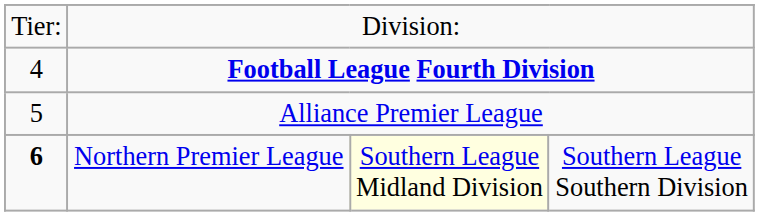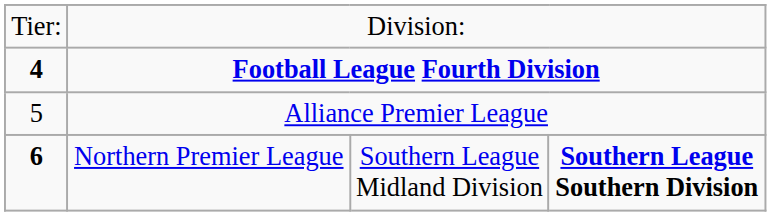 <table class="wikitable" style="text-align: center; font-size: 85%;">
 <tr>
 <td>Tier:</td>
 <td colspan="3">Division:</td>
 </tr>
 <tr>
-<td>4</td>
+<td><strong>4</strong></td>
 <td colspan="3"><strong><a href='#'>Football League</a> <a href='#'>Fourth Division</a></strong></td>
 </tr>
 <tr style="vertical-align: top;">
 <td>5</td>
 <td colspan="3"><a href='#'>Alliance Premier League</a></td>
 </tr>
 <tr style="vertical-align: top;">
 <td><strong>6</strong></td>
 <td><a href='#'>Northern Premier League</a></td>
-<td style="background: lightyellow;"><a href='#'>Southern League</a><br>Midland Division</td>
-<td><a href='#'>Southern League</a><br>Southern Division</td>
+<td><a href='#'>Southern League</a><br>Midland Division</td>
+<td><strong><a href='#'>Southern League</a><br>Southern Division</strong></td>
 </tr>
 </table>
